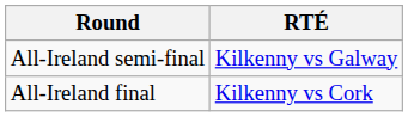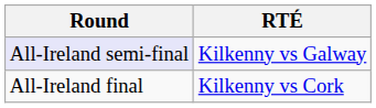 <table class="wikitable">
 <tr>
 <th>Round</th>
 <th>RTÉ</th>
 </tr>
 <tr>
-<td>All-Ireland semi-final</td>
+<td style="background: lavender;">All-Ireland semi-final</td>
 <td><a href='#'>Kilkenny vs Galway</a></td>
 </tr>
 <tr>
 <td>All-Ireland final</td>
 <td><a href='#'>Kilkenny vs Cork</a></td>
 </tr>
 </table>
